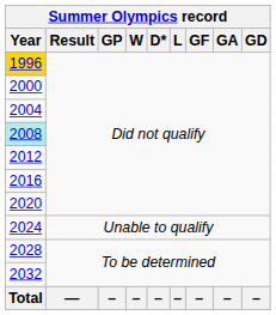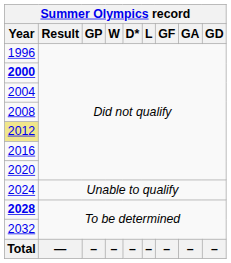 <table class="wikitable" style="text-align: center;">
 <tr>
 <th colspan="9"><a href='#'>Summer Olympics</a> record</th>
 </tr>
 <tr>
 <th>Year</th>
 <th>Result</th>
 <th>GP</th>
 <th>W</th>
 <th>D*</th>
 <th>L</th>
 <th>GF</th>
 <th>GA</th>
 <th>GD</th>
 </tr>
 <tr>
-<td style="background: gold;"> <a href='#'>1996</a></td>
+<td> <a href='#'>1996</a></td>
 <td colspan=10 rowspan=7><em>Did not qualify</em></td>
 </tr>
 <tr>
-<td> <a href='#'>2000</a></td>
+<td><strong> <a href='#'>2000</a></strong></td>
 </tr>
 <tr>
 <td> <a href='#'>2004</a></td>
 </tr>
 <tr>
-<td style="background: paleturquoise;"> <a href='#'>2008</a></td>
+<td> <a href='#'>2008</a></td>
 </tr>
 <tr>
-<td> <a href='#'>2012</a></td>
+<td style="background: khaki;"> <a href='#'>2012</a></td>
 </tr>
 <tr>
 <td> <a href='#'>2016</a></td>
 </tr>
 <tr>
 <td> <a href='#'>2020</a></td>
 </tr>
 <tr>
 <td> <a href='#'>2024</a></td>
 <td colspan=10><em>Unable to qualify</em></td>
 </tr>
 <tr>
-<td> <a href='#'>2028</a></td>
+<td><strong> <a href='#'>2028</a></strong></td>
 <td colspan=10 rowspan=2><em>To be determined</em></td>
 </tr>
 <tr>
 <td> <a href='#'>2032</a></td>
 </tr>
 <tr>
 <th>Total</th>
 <th>—</th>
 <th>–</th>
 <th>–</th>
 <th>–</th>
 <th>–</th>
 <th>–</th>
 <th>–</th>
 <th>–</th>
 </tr>
 </table>
